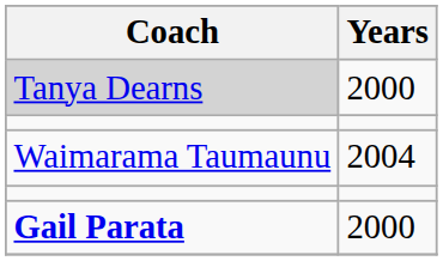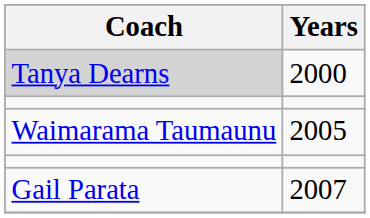 <table class="wikitable collapsible">
 <tr>
 <th>Coach</th>
 <th>Years</th>
 </tr>
 <tr>
 <td style="background: lightgrey;"><a href='#'>Tanya Dearns</a></td>
 <td>2000</td>
 </tr>
 <tr>
 <td></td>
 </tr>
 <tr>
 <td><a href='#'>Waimarama Taumaunu</a></td>
-<td>2004</td>
+<td>2005</td>
 </tr>
 <tr>
 <td></td>
 </tr>
 <tr>
-<td><strong><a href='#'>Gail Parata</a></strong></td>
-<td>2000</td>
+<td><a href='#'>Gail Parata</a></td>
+<td>2007</td>
 </tr>
 <tr>
 </tr>
 </table>
